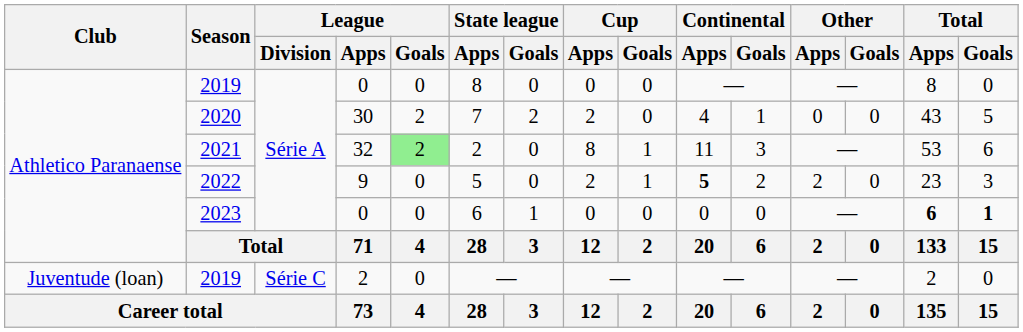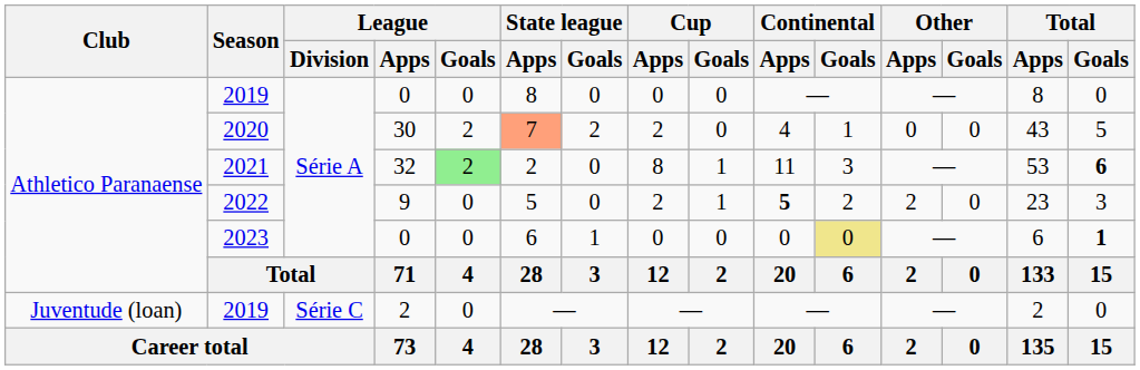 <table class="wikitable" style="text-align: center">
 <tr>
 <th rowspan="2">Club</th>
 <th rowspan="2">Season</th>
 <th colspan="3">League</th>
 <th colspan="2">State league</th>
 <th colspan="2">Cup</th>
 <th colspan="2">Continental</th>
 <th colspan="2">Other</th>
 <th colspan="2">Total</th>
 </tr>
 <tr>
 <th>Division</th>
 <th>Apps</th>
 <th>Goals</th>
 <th>Apps</th>
 <th>Goals</th>
 <th>Apps</th>
 <th>Goals</th>
 <th>Apps</th>
 <th>Goals</th>
 <th>Apps</th>
 <th>Goals</th>
 <th>Apps</th>
 <th>Goals</th>
 </tr>
 <tr>
 <td rowspan="6"><a href='#'>Athletico Paranaense</a></td>
 <td><a href='#'>2019</a></td>
 <td rowspan="5"><a href='#'>Série A</a></td>
 <td>0</td>
 <td>0</td>
 <td>8</td>
 <td>0</td>
 <td>0</td>
 <td>0</td>
 <td colspan="2">—</td>
 <td colspan="2">—</td>
 <td>8</td>
 <td>0</td>
 </tr>
 <tr>
 <td><a href='#'>2020</a></td>
 <td>30</td>
 <td>2</td>
-<td>7</td>
+<td style="background: lightsalmon;">7</td>
 <td>2</td>
 <td>2</td>
 <td>0</td>
 <td>4</td>
 <td>1</td>
 <td>0</td>
 <td>0</td>
 <td>43</td>
 <td>5</td>
 </tr>
 <tr>
 <td><a href='#'>2021</a></td>
 <td>32</td>
 <td style="background: lightgreen;">2</td>
 <td>2</td>
 <td>0</td>
 <td>8</td>
 <td>1</td>
 <td>11</td>
 <td>3</td>
 <td colspan="2">—</td>
 <td>53</td>
-<td>6</td>
+<td><strong>6</strong></td>
 </tr>
 <tr>
 <td><a href='#'>2022</a></td>
 <td>9</td>
 <td>0</td>
 <td>5</td>
 <td>0</td>
 <td>2</td>
 <td>1</td>
 <td><strong>5</strong></td>
 <td>2</td>
 <td>2</td>
 <td>0</td>
 <td>23</td>
 <td>3</td>
 </tr>
 <tr>
 <td><a href='#'>2023</a></td>
 <td>0</td>
 <td>0</td>
 <td>6</td>
 <td>1</td>
 <td>0</td>
 <td>0</td>
 <td>0</td>
-<td>0</td>
+<td style="background: khaki;">0</td>
 <td colspan="2">—</td>
-<td><strong>6</strong></td>
+<td>6</td>
 <td><strong>1</strong></td>
 </tr>
 <tr>
 <th colspan="2">Total</th>
 <th>71</th>
 <th>4</th>
 <th>28</th>
 <th>3</th>
 <th>12</th>
 <th>2</th>
 <th>20</th>
 <th>6</th>
 <th>2</th>
 <th>0</th>
 <th>133</th>
 <th>15</th>
 </tr>
 <tr>
 <td><a href='#'>Juventude</a> (loan)</td>
 <td><a href='#'>2019</a></td>
 <td><a href='#'>Série C</a></td>
 <td>2</td>
 <td>0</td>
 <td colspan="2">—</td>
 <td colspan="2">—</td>
 <td colspan="2">—</td>
 <td colspan="2">—</td>
 <td>2</td>
 <td>0</td>
 </tr>
 <tr>
 <th colspan="3"><strong>Career total</strong></th>
 <th>73</th>
 <th>4</th>
 <th>28</th>
 <th>3</th>
 <th>12</th>
 <th>2</th>
 <th>20</th>
 <th>6</th>
 <th>2</th>
 <th>0</th>
 <th>135</th>
 <th>15</th>
 </tr>
 </table>
